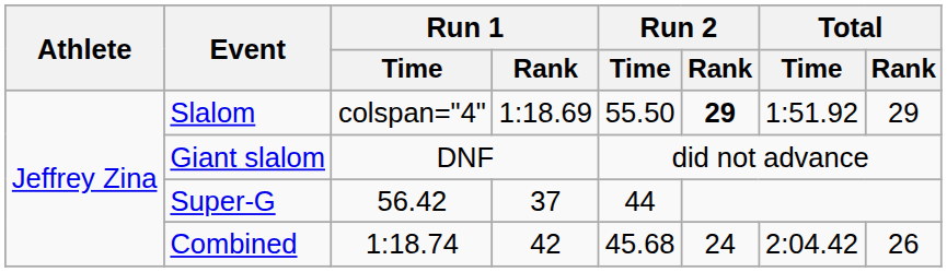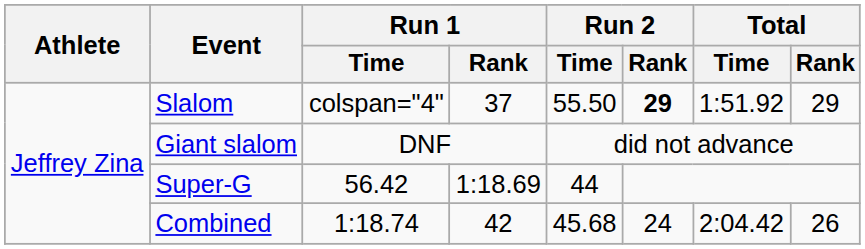 <table class="wikitable" style="font-size:90%">
 <tr>
 <th rowspan=2>Athlete</th>
 <th rowspan=2>Event</th>
 <th colspan=2>Run 1</th>
 <th colspan=2>Run 2</th>
 <th colspan=2>Total</th>
 </tr>
 <tr style="font-size:95%">
 <th>Time</th>
 <th>Rank</th>
 <th>Time</th>
 <th>Rank</th>
 <th>Time</th>
 <th>Rank</th>
 </tr>
 <tr align=center>
 <td align="left" rowspan="4"><a href='#'>Jeffrey Zina</a></td>
 <td align="left"><a href='#'>Slalom</a></td>
 <td>colspan="4" </td>
-<td>1:18.69</td>
+<td>37</td>
 <td>55.50</td>
 <td><strong>29</strong></td>
 <td>1:51.92</td>
 <td>29</td>
 </tr>
 <tr align=center>
 <td align="left"><a href='#'>Giant slalom</a></td>
 <td colspan=2>DNF</td>
 <td colspan=4>did not advance</td>
 </tr>
 <tr align=center>
 <td align="left"><a href='#'>Super-G</a></td>
 <td>56.42</td>
-<td>37</td>
+<td>1:18.69</td>
 <td>44</td>
 </tr>
 <tr align=center>
 <td align="left"><a href='#'>Combined</a></td>
 <td>1:18.74</td>
 <td>42</td>
 <td>45.68</td>
 <td>24</td>
 <td>2:04.42</td>
 <td>26</td>
 </tr>
 </table>
